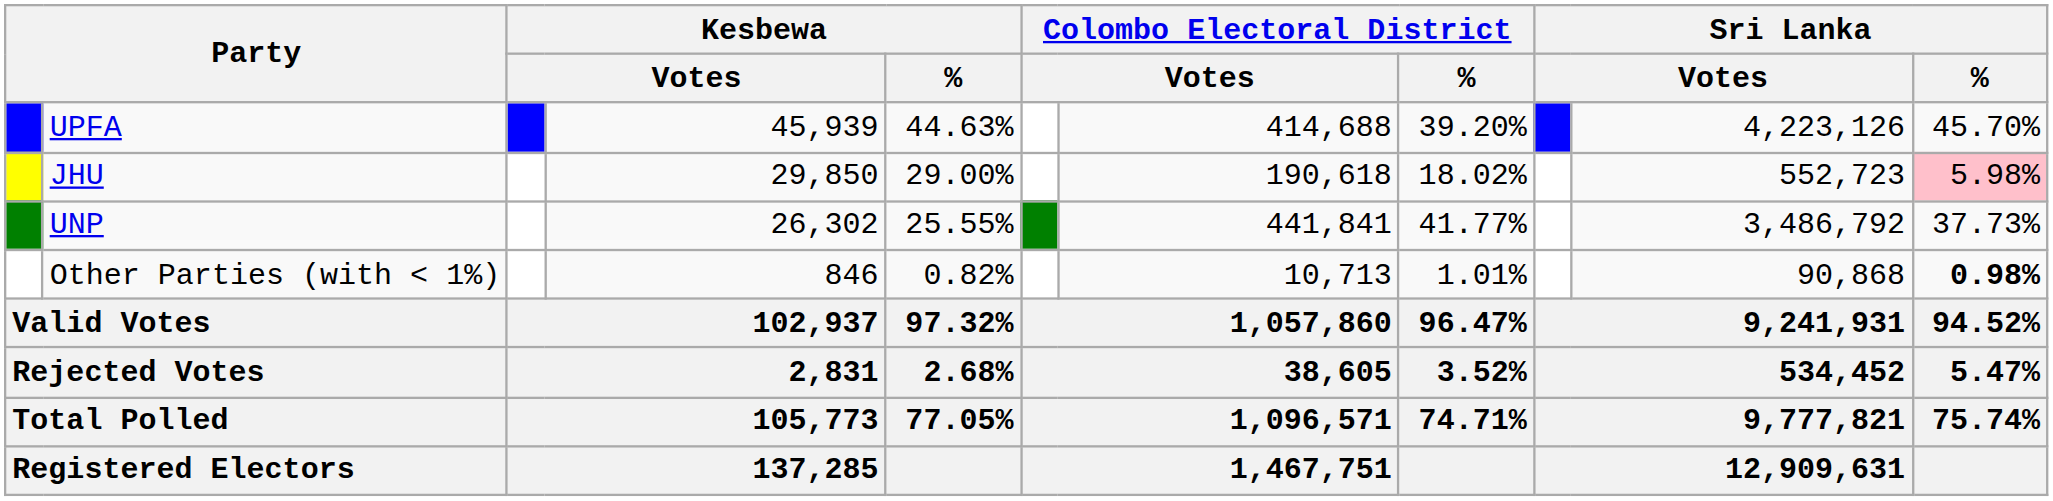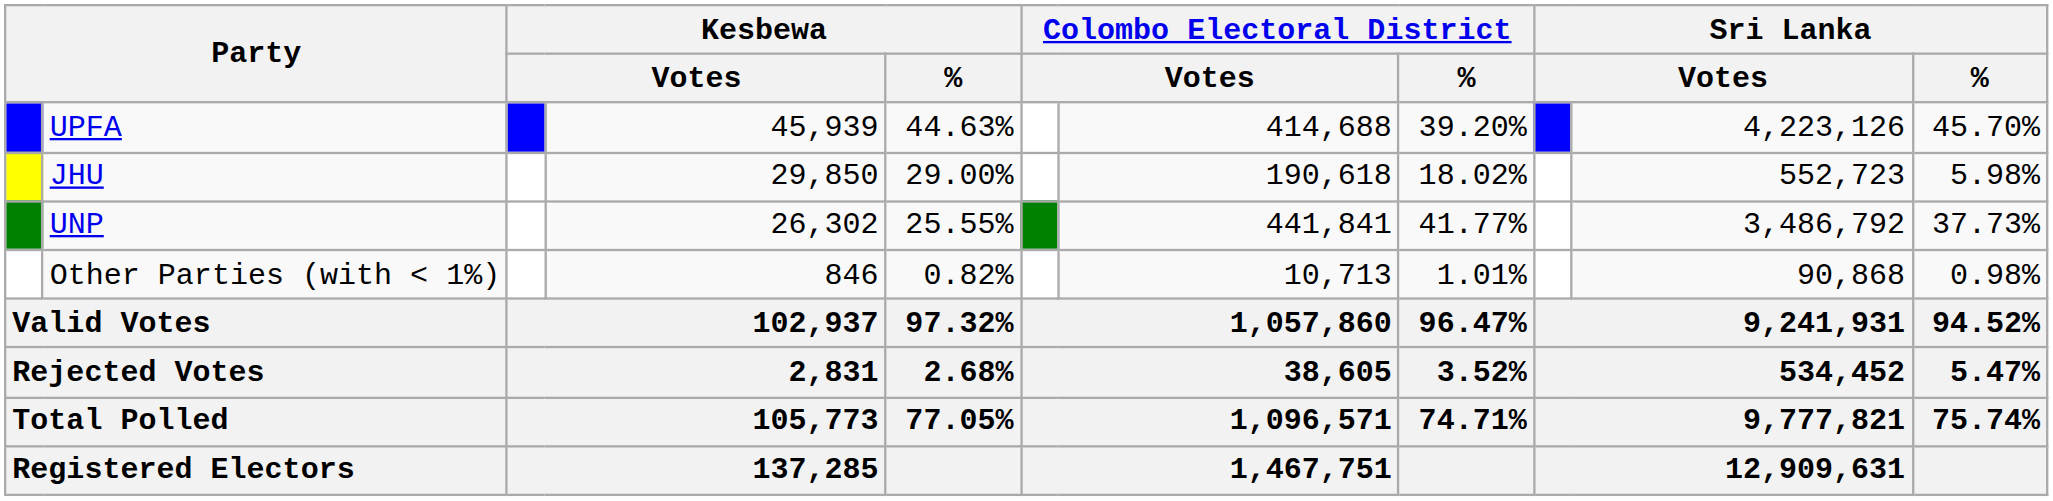 <table class="wikitable">
 <tr>
 <th colspan="2" width="144px"rowspan="2">Party</th>
 <th colspan="3" width="216px">Kesbewa</th>
 <th colspan="3" width="216px"><a href='#'>Colombo Electoral District</a></th>
 <th colspan="3" width="216px">Sri Lanka</th>
 </tr>
 <tr>
 <th colspan="2" width="144px">Votes</th>
 <th>%</th>
 <th colspan="2" width="144px">Votes</th>
 <th>%</th>
 <th colspan="2" width="144px">Votes</th>
 <th>%</th>
 </tr>
 <tr>
 <td style="background-color:blue;" width="10px"></td>
 <td style="text-align:left;"><a href='#'>UPFA</a></td>
 <td style="background-color:blue;" width="10px"></td>
 <td style="text-align:right;">45,939</td>
 <td style="text-align:right;">44.63%</td>
 <td style="background-color:white;" width="10px"></td>
 <td style="text-align:right;">414,688</td>
 <td style="text-align:right;">39.20%</td>
 <td style="background-color:blue;" width="10px"></td>
 <td style="text-align:right;">4,223,126</td>
 <td style="text-align:right;">45.70%</td>
 </tr>
 <tr>
 <td style="background-color:yellow;" width="10px"></td>
 <td style="text-align:left;"><a href='#'>JHU</a></td>
 <td style="background-color:white;" width="10px"></td>
 <td style="text-align:right;">29,850</td>
 <td style="text-align:right;">29.00%</td>
 <td style="background-color:white;" width="10px"></td>
 <td style="text-align:right;">190,618</td>
 <td style="text-align:right;">18.02%</td>
 <td style="background-color:white;" width="10px"></td>
 <td style="text-align:right;">552,723</td>
-<td style="background: pink; text-align:right;">5.98%</td>
+<td style="text-align:right;">5.98%</td>
 </tr>
 <tr>
 <td style="background-color:green;" width="10px"></td>
 <td style="text-align:left;"><a href='#'>UNP</a></td>
 <td style="background-color:white;" width="10px"></td>
 <td style="text-align:right;">26,302</td>
 <td style="text-align:right;">25.55%</td>
 <td style="background-color:green;" width="10px"></td>
 <td style="text-align:right;">441,841</td>
 <td style="text-align:right;">41.77%</td>
 <td style="background-color:white;" width="10px"></td>
 <td style="text-align:right;">3,486,792</td>
 <td style="text-align:right;">37.73%</td>
 </tr>
 <tr>
 <td style="background-color:white;" width="10px"></td>
 <td style="text-align:left;">Other Parties (with < 1%)</td>
 <td style="background-color:white;" width="10px"></td>
 <td style="text-align:right;">846</td>
 <td style="text-align:right;">0.82%</td>
 <td style="background-color:white;" width="10px"></td>
 <td style="text-align:right;">10,713</td>
 <td style="text-align:right;">1.01%</td>
 <td style="background-color:white;" width="10px"></td>
 <td style="text-align:right;">90,868</td>
-<td style="text-align:right;"><strong>0.98%</strong></td>
+<td style="text-align:right;">0.98%</td>
 </tr>
 <tr>
 <th colspan="2" width="144px"style="text-align:left;">Valid Votes</th>
 <th style="text-align:right;"colspan="2" width="144px">102,937</th>
 <th style="text-align:right;">97.32%</th>
 <th style="text-align:right;"colspan="2" width="144px">1,057,860</th>
 <th style="text-align:right;">96.47%</th>
 <th style="text-align:right;"colspan="2" width="144px">9,241,931</th>
 <th style="text-align:right;">94.52%</th>
 </tr>
 <tr>
 <th colspan="2" width="144px"style="text-align:left;">Rejected Votes</th>
 <th style="text-align:right;"colspan="2" width="144px">2,831</th>
 <th style="text-align:right;">2.68%</th>
 <th style="text-align:right;"colspan="2" width="144px">38,605</th>
 <th style="text-align:right;">3.52%</th>
 <th style="text-align:right;"colspan="2" width="144px">534,452</th>
 <th style="text-align:right;">5.47%</th>
 </tr>
 <tr>
 <th colspan="2" width="144px"style="text-align:left;">Total Polled</th>
 <th style="text-align:right;"colspan="2" width="144px">105,773</th>
 <th style="text-align:right;">77.05%</th>
 <th style="text-align:right;"colspan="2" width="144px">1,096,571</th>
 <th style="text-align:right;">74.71%</th>
 <th style="text-align:right;"colspan="2" width="144px">9,777,821</th>
 <th style="text-align:right;">75.74%</th>
 </tr>
 <tr>
 <th colspan="2" width="144px"style="text-align:left;">Registered Electors</th>
 <th style="text-align:right;"colspan="2" width="144px">137,285</th>
 <th></th>
 <th style="text-align:right;"colspan="2" width="144px">1,467,751</th>
 <th></th>
 <th style="text-align:right;"colspan="2" width="144px">12,909,631</th>
 <th></th>
 </tr>
 </table>
